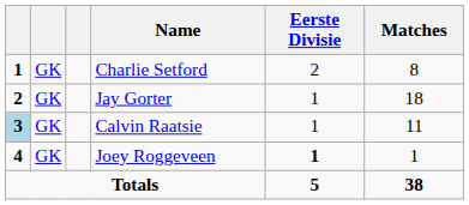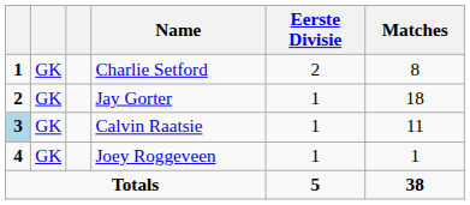 <table class="wikitable" style="text-align:center">
 <tr>
 <th width=15></th>
 <th width=15></th>
 <th width=15></th>
 <th width=145>Name</th>
 <th width=80><a href='#'>Eerste Divisie</a></th>
 <th width=80>Matches</th>
 </tr>
 <tr>
 <td rowspan=1><strong>1</strong></td>
 <td><a href='#'>GK</a></td>
 <td></td>
 <td align=left><a href='#'>Charlie Setford</a></td>
 <td>2</td>
 <td>8</td>
 </tr>
 <tr>
 <td rowspan=1><strong>2</strong></td>
 <td><a href='#'>GK</a></td>
 <td></td>
 <td align=left><a href='#'>Jay Gorter</a></td>
 <td>1</td>
 <td>18</td>
 </tr>
 <tr>
 <td rowspan=1 style="background: lightblue;"><strong>3</strong></td>
 <td><a href='#'>GK</a></td>
 <td></td>
 <td align=left><a href='#'>Calvin Raatsie</a></td>
 <td>1</td>
 <td>11</td>
 </tr>
 <tr>
 <td rowspan=1><strong>4</strong></td>
 <td><a href='#'>GK</a></td>
 <td></td>
 <td align=left><a href='#'>Joey Roggeveen</a></td>
-<td><strong>1</strong></td>
+<td>1</td>
 <td>1</td>
 </tr>
 <tr>
 <td colspan=4><strong>Totals</strong></td>
 <td><strong>5</strong></td>
 <td><strong>38</strong></td>
 </tr>
 </table>
